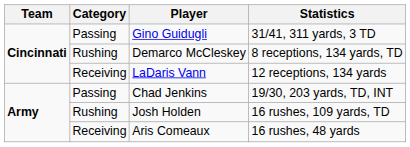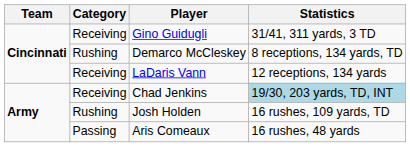 <table class="wikitable" style="float: left;">
 <tr>
 <th>Team</th>
 <th>Category</th>
 <th>Player</th>
 <th>Statistics</th>
 </tr>
 <tr>
 <td rowspan=3><strong>Cincinnati</strong></td>
-<td>Passing</td>
+<td>Receiving</td>
 <td><a href='#'>Gino Guidugli</a></td>
 <td>31/41, 311 yards, 3 TD</td>
 </tr>
 <tr>
 <td>Rushing</td>
 <td>Demarco McCleskey</td>
 <td>8 receptions, 134 yards, TD</td>
 </tr>
 <tr>
 <td>Receiving</td>
 <td><a href='#'>LaDaris Vann</a></td>
 <td>12 receptions, 134 yards</td>
 </tr>
 <tr>
 <td rowspan=3><strong>Army</strong></td>
-<td>Passing</td>
+<td>Receiving</td>
 <td>Chad Jenkins</td>
-<td>19/30, 203 yards, TD, INT</td>
+<td style="background: lightblue;">19/30, 203 yards, TD, INT</td>
 </tr>
 <tr>
 <td>Rushing</td>
 <td>Josh Holden</td>
 <td>16 rushes, 109 yards, TD</td>
 </tr>
 <tr>
-<td>Receiving</td>
+<td>Passing</td>
 <td>Aris Comeaux</td>
 <td>16 rushes, 48 yards</td>
 </tr>
 </table>
